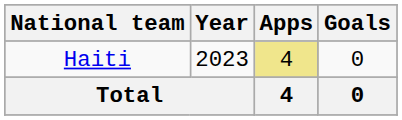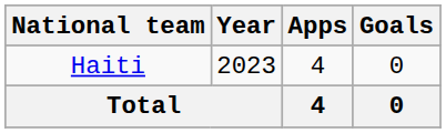 <table class="wikitable" style="text-align:center">
 <tr>
 <th>National team</th>
 <th>Year</th>
 <th>Apps</th>
 <th>Goals</th>
 </tr>
 <tr>
 <td rowspan="1"><a href='#'>Haiti</a></td>
 <td>2023</td>
-<td style="background: khaki;">4</td>
+<td>4</td>
 <td>0</td>
 </tr>
 <tr>
 <th colspan=2>Total</th>
 <th>4</th>
 <th>0</th>
 </tr>
 </table>
